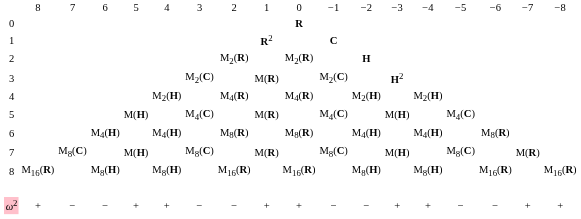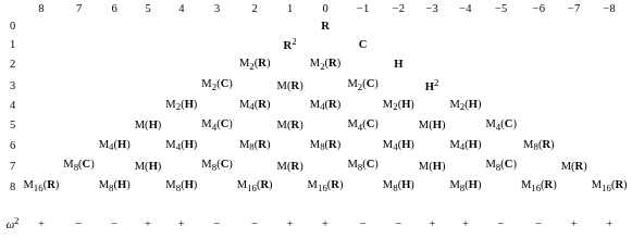 <table border=0 cellpadding=2 style="margin:1em auto; text-align: center;">
 <tr>
 <td></td>
 <td>8</td>
 <td>7</td>
 <td>6</td>
 <td>5</td>
 <td>4</td>
 <td>3</td>
 <td>2</td>
 <td>1</td>
 <td>0</td>
 <td>−1</td>
 <td>−2</td>
 <td>−3</td>
 <td>−4</td>
 <td>−5</td>
 <td>−6</td>
 <td>−7</td>
 <td>−8</td>
 </tr>
 <tr>
 <td>0</td>
 <td></td>
 <td></td>
 <td></td>
 <td></td>
 <td></td>
 <td></td>
 <td></td>
 <td></td>
 <td><strong>R</strong></td>
 <td></td>
 <td></td>
 <td></td>
 <td></td>
 <td></td>
 <td></td>
 <td></td>
 <td></td>
 </tr>
 <tr>
 <td>1</td>
 <td></td>
 <td></td>
 <td></td>
 <td></td>
 <td></td>
 <td></td>
 <td></td>
 <td><strong>R</strong><sup>2</sup></td>
 <td></td>
 <td><strong>C</strong></td>
 <td></td>
 <td></td>
 <td></td>
 <td></td>
 <td></td>
 <td></td>
 <td></td>
 </tr>
 <tr>
 <td>2</td>
 <td></td>
 <td></td>
 <td></td>
 <td></td>
 <td></td>
 <td></td>
 <td>M<sub>2</sub>(<strong>R</strong>)</td>
 <td></td>
 <td>M<sub>2</sub>(<strong>R</strong>)</td>
 <td></td>
 <td><strong>H</strong></td>
 <td></td>
 <td></td>
 <td></td>
 <td></td>
 <td></td>
 <td></td>
 </tr>
 <tr>
 <td>3</td>
 <td></td>
 <td></td>
 <td></td>
 <td></td>
 <td></td>
 <td>M<sub>2</sub>(<strong>C</strong>)</td>
 <td></td>
 <td>M(<strong>R</strong>)</td>
 <td></td>
 <td>M<sub>2</sub>(<strong>C</strong>)</td>
 <td></td>
 <td><strong>H</strong><sup>2</sup></td>
 <td></td>
 <td></td>
 <td></td>
 <td></td>
 <td></td>
 </tr>
 <tr>
 <td>4</td>
 <td></td>
 <td></td>
 <td></td>
 <td></td>
 <td>M<sub>2</sub>(<strong>H</strong>)</td>
 <td></td>
 <td>M<sub>4</sub>(<strong>R</strong>)</td>
 <td></td>
 <td>M<sub>4</sub>(<strong>R</strong>)</td>
 <td></td>
 <td>M<sub>2</sub>(<strong>H</strong>)</td>
 <td></td>
 <td>M<sub>2</sub>(<strong>H</strong>)</td>
 <td></td>
 <td></td>
 <td></td>
 <td></td>
 </tr>
 <tr>
 <td>5</td>
 <td></td>
 <td></td>
 <td></td>
 <td>M(<strong>H</strong>)</td>
 <td></td>
 <td>M<sub>4</sub>(<strong>C</strong>)</td>
 <td></td>
 <td>M(<strong>R</strong>)</td>
 <td></td>
 <td>M<sub>4</sub>(<strong>C</strong>)</td>
 <td></td>
 <td>M(<strong>H</strong>)</td>
 <td></td>
 <td>M<sub>4</sub>(<strong>C</strong>)</td>
 <td></td>
 <td></td>
 <td></td>
 </tr>
 <tr>
 <td>6</td>
 <td></td>
 <td></td>
 <td>M<sub>4</sub>(<strong>H</strong>)</td>
 <td></td>
 <td>M<sub>4</sub>(<strong>H</strong>)</td>
 <td></td>
 <td>M<sub>8</sub>(<strong>R</strong>)</td>
 <td></td>
 <td>M<sub>8</sub>(<strong>R</strong>)</td>
 <td></td>
 <td>M<sub>4</sub>(<strong>H</strong>)</td>
 <td></td>
 <td>M<sub>4</sub>(<strong>H</strong>)</td>
 <td></td>
 <td>M<sub>8</sub>(<strong>R</strong>)</td>
 <td></td>
 <td></td>
 </tr>
 <tr>
 <td>7</td>
 <td></td>
 <td>M<sub>8</sub>(<strong>C</strong>)</td>
 <td></td>
 <td>M(<strong>H</strong>)</td>
 <td></td>
 <td>M<sub>8</sub>(<strong>C</strong>)</td>
 <td></td>
 <td>M(<strong>R</strong>)</td>
 <td></td>
 <td>M<sub>8</sub>(<strong>C</strong>)</td>
 <td></td>
 <td>M(<strong>H</strong>)</td>
 <td></td>
 <td>M<sub>8</sub>(<strong>C</strong>)</td>
 <td></td>
 <td>M(<strong>R</strong>)</td>
 <td></td>
 </tr>
 <tr>
 <td>8</td>
 <td>M<sub>16</sub>(<strong>R</strong>)</td>
 <td></td>
 <td>M<sub>8</sub>(<strong>H</strong>)</td>
 <td></td>
 <td>M<sub>8</sub>(<strong>H</strong>)</td>
 <td></td>
 <td>M<sub>16</sub>(<strong>R</strong>)</td>
 <td></td>
 <td>M<sub>16</sub>(<strong>R</strong>)</td>
 <td></td>
 <td>M<sub>8</sub>(<strong>H</strong>)</td>
 <td></td>
 <td>M<sub>8</sub>(<strong>H</strong>)</td>
 <td></td>
 <td>M<sub>16</sub>(<strong>R</strong>)</td>
 <td></td>
 <td>M<sub>16</sub>(<strong>R</strong>)</td>
 </tr>
 <tr>
 <td> </td>
 <td></td>
 <td></td>
 <td></td>
 <td></td>
 <td></td>
 <td></td>
 <td></td>
 <td></td>
 <td></td>
 <td></td>
 <td></td>
 <td></td>
 <td></td>
 <td></td>
 <td></td>
 <td></td>
 <td></td>
 </tr>
 <tr>
-<td style="background: pink;"><em>ω</em><sup>2</sup></td>
+<td><em>ω</em><sup>2</sup></td>
 <td>+</td>
 <td>−</td>
 <td>−</td>
 <td>+</td>
 <td>+</td>
 <td>−</td>
 <td>−</td>
 <td>+</td>
 <td>+</td>
 <td>−</td>
 <td>−</td>
 <td>+</td>
 <td>+</td>
 <td>−</td>
 <td>−</td>
 <td>+</td>
 <td>+</td>
 </tr>
 </table>
